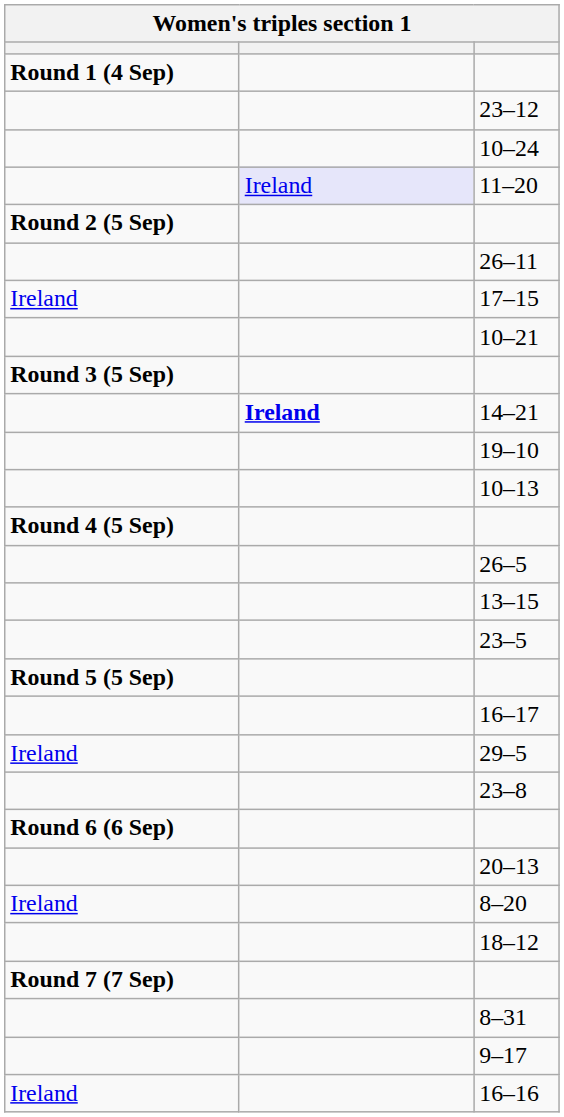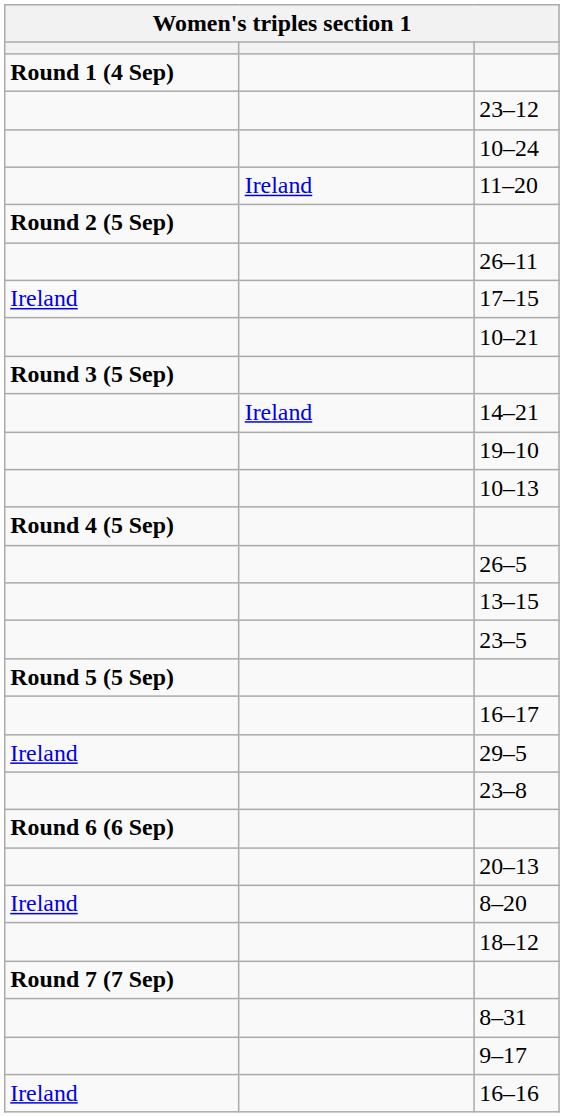 <table class="wikitable">
 <tr>
 <th colspan="3">Women's triples section 1</th>
 </tr>
 <tr>
 <th width=150></th>
 <th width=150></th>
 <th width=50></th>
 </tr>
 <tr>
 <td><strong>Round 1 (4 Sep)</strong></td>
 <td></td>
 <td></td>
 </tr>
 <tr>
 <td></td>
 <td></td>
 <td>23–12</td>
 </tr>
 <tr>
 <td></td>
 <td></td>
 <td>10–24</td>
 </tr>
 <tr>
 <td></td>
-<td style="background: lavender;"> <a href='#'>Ireland</a></td>
+<td> <a href='#'>Ireland</a></td>
 <td>11–20</td>
 </tr>
 <tr>
 <td><strong>Round 2 (5 Sep)</strong></td>
 <td></td>
 <td></td>
 </tr>
 <tr>
 <td></td>
 <td></td>
 <td>26–11</td>
 </tr>
 <tr>
 <td> <a href='#'>Ireland</a></td>
 <td></td>
 <td>17–15</td>
 </tr>
 <tr>
 <td></td>
 <td></td>
 <td>10–21</td>
 </tr>
 <tr>
 <td><strong>Round 3 (5 Sep)</strong></td>
 <td></td>
 <td></td>
 </tr>
 <tr>
 <td></td>
-<td><strong> <a href='#'>Ireland</a></strong></td>
+<td> <a href='#'>Ireland</a></td>
 <td>14–21</td>
 </tr>
 <tr>
 <td></td>
 <td></td>
 <td>19–10</td>
 </tr>
 <tr>
 <td></td>
 <td></td>
 <td>10–13</td>
 </tr>
 <tr>
 <td><strong>Round 4 (5 Sep)</strong></td>
 <td></td>
 <td></td>
 </tr>
 <tr>
 <td></td>
 <td></td>
 <td>26–5</td>
 </tr>
 <tr>
 <td></td>
 <td></td>
 <td>13–15</td>
 </tr>
 <tr>
 <td></td>
 <td></td>
 <td>23–5</td>
 </tr>
 <tr>
 <td><strong>Round 5 (5 Sep)</strong></td>
 <td></td>
 <td></td>
 </tr>
 <tr>
 <td></td>
 <td></td>
 <td>16–17</td>
 </tr>
 <tr>
 <td> <a href='#'>Ireland</a></td>
 <td></td>
 <td>29–5</td>
 </tr>
 <tr>
 <td></td>
 <td></td>
 <td>23–8</td>
 </tr>
 <tr>
 <td><strong>Round 6  (6 Sep)</strong></td>
 <td></td>
 <td></td>
 </tr>
 <tr>
 <td></td>
 <td></td>
 <td>20–13</td>
 </tr>
 <tr>
 <td> <a href='#'>Ireland</a></td>
 <td></td>
 <td>8–20</td>
 </tr>
 <tr>
 <td></td>
 <td></td>
 <td>18–12</td>
 </tr>
 <tr>
 <td><strong>Round 7 (7 Sep)</strong></td>
 <td></td>
 <td></td>
 </tr>
 <tr>
 <td></td>
 <td></td>
 <td>8–31</td>
 </tr>
 <tr>
 <td></td>
 <td></td>
 <td>9–17</td>
 </tr>
 <tr>
 <td> <a href='#'>Ireland</a></td>
 <td></td>
 <td>16–16</td>
 </tr>
 </table>
